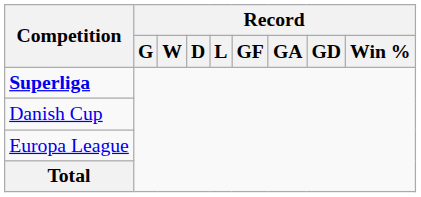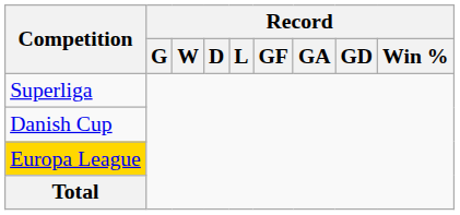 <table class="wikitable" style="text-align: center">
 <tr>
 <th rowspan="2">Competition</th>
 <th colspan="9">Record</th>
 </tr>
 <tr>
 <th>G</th>
 <th>W</th>
 <th>D</th>
 <th>L</th>
 <th>GF</th>
 <th>GA</th>
 <th>GD</th>
 <th>Win %</th>
 </tr>
 <tr>
-<td style="text-align: left"><strong><a href='#'>Superliga</a><br></strong></td>
+<td style="text-align: left"><a href='#'>Superliga</a><br></td>
 </tr>
 <tr>
 <td style="text-align: left"><a href='#'>Danish Cup</a><br></td>
 </tr>
 <tr>
-<td style="text-align: left"><a href='#'>Europa League</a><br></td>
+<td style="background: gold; text-align: left"><a href='#'>Europa League</a><br></td>
 </tr>
 <tr>
 <th>Total<br></th>
 </tr>
 </table>
